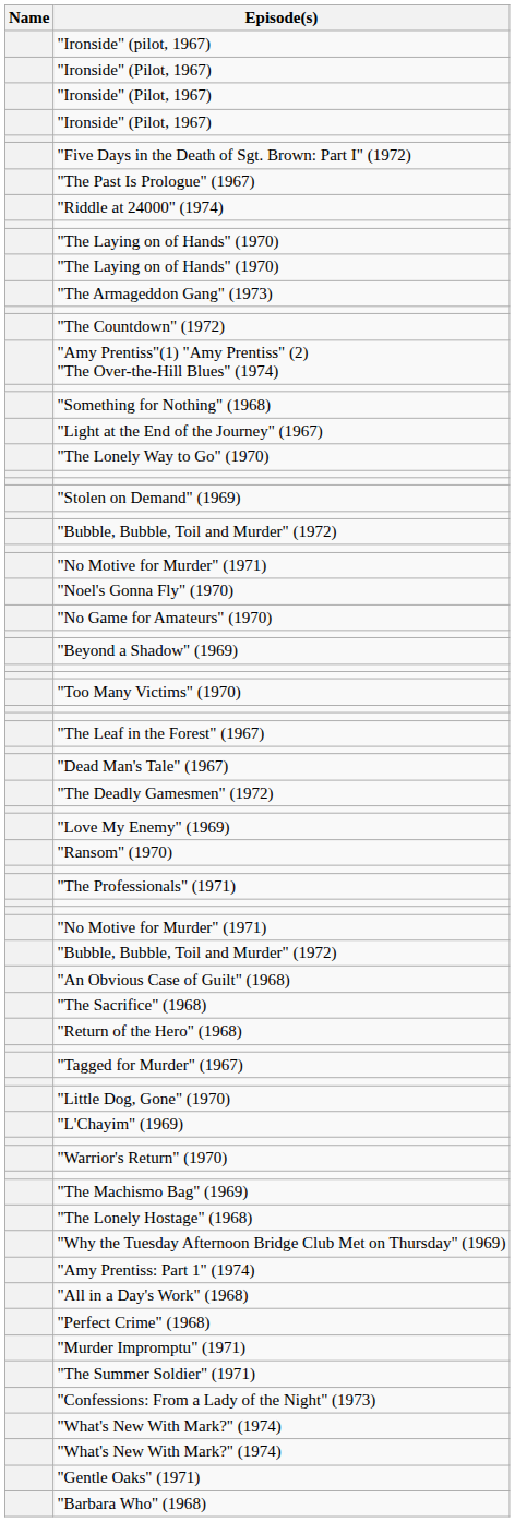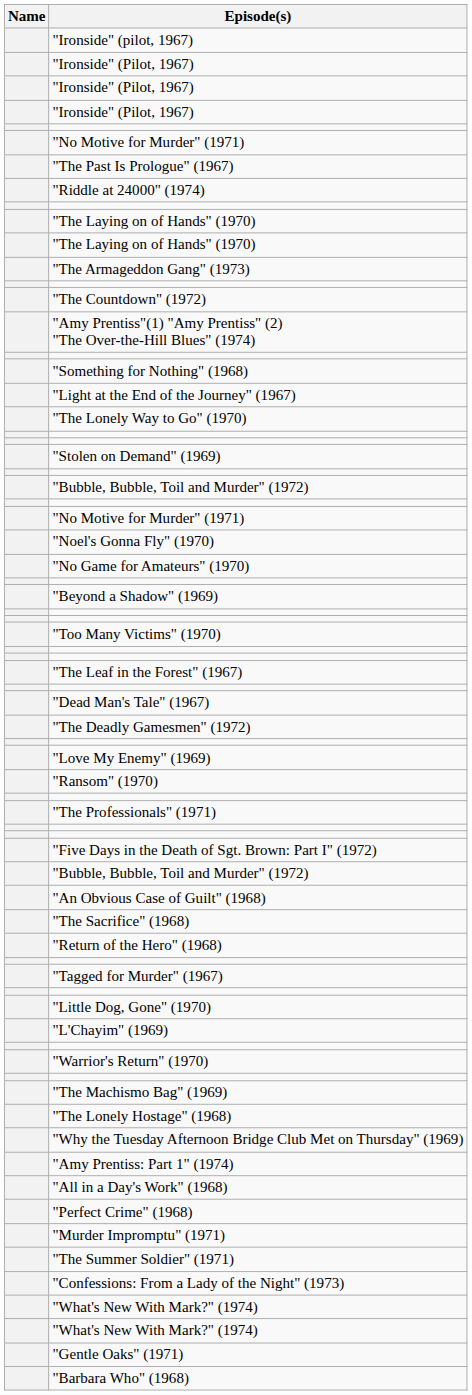 <table class="sortable wikitable plainrowheaders">
 <tr>
 <th scope="col">Name</th>
 <th scope="col" class="unsortable">Episode(s)</th>
 </tr>
 <tr>
 <th scope="row"></th>
 <td>"Ironside" (pilot, 1967)</td>
 </tr>
 <tr>
 <th scope="row"></th>
 <td>"Ironside" (Pilot, 1967)</td>
 </tr>
 <tr>
 <th scope="row"></th>
 <td>"Ironside" (Pilot, 1967)</td>
 </tr>
 <tr>
 <th scope="row"></th>
 <td>"Ironside" (Pilot, 1967)</td>
 </tr>
 <tr>
 <th scope="row"></th>
 <td></td>
 </tr>
 <tr>
 <th scope="row"></th>
-<td>"Five Days in the Death of Sgt. Brown: Part I" (1972)</td>
+<td>"No Motive for Murder" (1971)</td>
 </tr>
 <tr>
 <th scope="row"></th>
 <td>"The Past Is Prologue" (1967)</td>
 </tr>
 <tr>
 <th scope="row"></th>
 <td>"Riddle at 24000" (1974)</td>
 </tr>
 <tr>
 <th scope="row"></th>
 <td></td>
 </tr>
 <tr>
 <th scope="row"></th>
 <td>"The Laying on of Hands" (1970)</td>
 </tr>
 <tr>
 <th scope="row"></th>
 <td>"The Laying on of Hands" (1970)</td>
 </tr>
 <tr>
 <th scope="row"></th>
 <td>"The Armageddon Gang" (1973)</td>
 </tr>
 <tr>
 <th scope="row"></th>
 <td></td>
 </tr>
 <tr>
 <th scope="row"></th>
 <td>"The Countdown" (1972)</td>
 </tr>
 <tr>
 <th scope="row"></th>
 <td>"Amy Prentiss"(1) "Amy Prentiss" (2)<br>"The Over-the-Hill Blues" (1974)</td>
 </tr>
 <tr>
 <th scope="row"></th>
 <td></td>
 </tr>
 <tr>
 <th scope="row"></th>
 <td>"Something for Nothing" (1968)</td>
 </tr>
 <tr>
 <th scope="row"></th>
 <td>"Light at the End of the Journey" (1967)</td>
 </tr>
 <tr>
 <th scope="row"></th>
 <td>"The Lonely Way to Go" (1970)</td>
 </tr>
 <tr>
 <th scope="row"></th>
 <td></td>
 </tr>
 <tr>
 <th scope="row"></th>
 <td></td>
 </tr>
 <tr>
 <th scope="row"></th>
 <td>"Stolen on Demand" (1969)</td>
 </tr>
 <tr>
 <th scope="row"></th>
 <td></td>
 </tr>
 <tr>
 <th scope="row"></th>
 <td>"Bubble, Bubble, Toil and Murder" (1972)</td>
 </tr>
 <tr>
 <th scope="row"></th>
 <td></td>
 </tr>
 <tr>
 <th scope="row"></th>
 <td>"No Motive for Murder" (1971)</td>
 </tr>
 <tr>
 <th scope="row"></th>
 <td>"Noel's Gonna Fly" (1970)</td>
 </tr>
 <tr>
 <th scope="row"></th>
 <td>"No Game for Amateurs" (1970)</td>
 </tr>
 <tr>
 <th scope="row"></th>
 <td></td>
 </tr>
 <tr>
 <th scope="row"></th>
 <td>"Beyond a Shadow" (1969)</td>
 </tr>
 <tr>
 <th scope="row"></th>
 <td></td>
 </tr>
 <tr>
 <th scope="row"></th>
 <td></td>
 </tr>
 <tr>
 <th scope="row"></th>
 <td>"Too Many Victims" (1970)</td>
 </tr>
 <tr>
 <th scope="row"></th>
 <td></td>
 </tr>
 <tr>
 <th scope="row"></th>
 <td></td>
 </tr>
 <tr>
 <th scope="row"></th>
 <td>"The Leaf in the Forest" (1967)</td>
 </tr>
 <tr>
 <th scope="row"></th>
 <td></td>
 </tr>
 <tr>
 <th scope="row"></th>
 <td>"Dead Man's Tale" (1967)</td>
 </tr>
 <tr>
 <th scope="row"></th>
 <td>"The Deadly Gamesmen" (1972)</td>
 </tr>
 <tr>
 <th scope="row"></th>
 <td></td>
 </tr>
 <tr>
 <th scope="row"></th>
 <td>"Love My Enemy" (1969)</td>
 </tr>
 <tr>
 <th scope="row"></th>
 <td>"Ransom" (1970)</td>
 </tr>
 <tr>
 <th scope="row"></th>
 <td></td>
 </tr>
 <tr>
 <th scope="row"></th>
 <td>"The Professionals" (1971)</td>
 </tr>
 <tr>
 <th scope="row"></th>
 <td></td>
 </tr>
 <tr>
 <th scope="row"></th>
 <td></td>
 </tr>
 <tr>
 <th scope="row"></th>
-<td>"No Motive for Murder" (1971)</td>
+<td>"Five Days in the Death of Sgt. Brown: Part I" (1972)</td>
 </tr>
 <tr>
 <th scope="row"></th>
 <td>"Bubble, Bubble, Toil and Murder" (1972)</td>
 </tr>
 <tr>
 <th scope="row"></th>
 <td>"An Obvious Case of Guilt" (1968)</td>
 </tr>
 <tr>
 <th scope="row"></th>
 <td>"The Sacrifice" (1968)</td>
 </tr>
 <tr>
 <th scope="row"></th>
 <td>"Return of the Hero" (1968)</td>
 </tr>
 <tr>
 <th scope="row"></th>
 <td></td>
 </tr>
 <tr>
 <th scope="row"></th>
 <td>"Tagged for Murder" (1967)</td>
 </tr>
 <tr>
 <th scope="row"></th>
 <td></td>
 </tr>
 <tr>
 <th scope="row"></th>
 <td>"Little Dog, Gone" (1970)</td>
 </tr>
 <tr>
 <th scope="row"></th>
 <td>"L'Chayim" (1969)</td>
 </tr>
 <tr>
 <th scope="row"></th>
 <td></td>
 </tr>
 <tr>
 <th scope="row"></th>
 <td>"Warrior's Return" (1970)</td>
 </tr>
 <tr>
 <th scope="row"></th>
 <td></td>
 </tr>
 <tr>
 <th scope="row"></th>
 <td>"The Machismo Bag" (1969)</td>
 </tr>
 <tr>
 <th scope="row"></th>
 <td>"The Lonely Hostage" (1968)</td>
 </tr>
 <tr>
 <th scope="row"></th>
 <td>"Why the Tuesday Afternoon Bridge Club Met on Thursday" (1969)</td>
 </tr>
 <tr>
 <th scope="row"></th>
 <td>"Amy Prentiss: Part 1" (1974)</td>
 </tr>
 <tr>
 <th scope="row"></th>
 <td>"All in a Day's Work" (1968)</td>
 </tr>
 <tr>
 <th scope="row"></th>
 <td>"Perfect Crime" (1968)</td>
 </tr>
 <tr>
 <th scope="row"></th>
 <td>"Murder Impromptu" (1971)</td>
 </tr>
 <tr>
 <th scope="row"></th>
 <td>"The Summer Soldier" (1971)</td>
 </tr>
 <tr>
 <th scope="row"></th>
 <td>"Confessions: From a Lady of the Night" (1973)</td>
 </tr>
 <tr>
 <th scope="row"></th>
 <td>"What's New With Mark?" (1974)</td>
 </tr>
 <tr>
 <th scope="row"></th>
 <td>"What's New With Mark?" (1974)</td>
 </tr>
 <tr>
 <th scope="row"></th>
 <td>"Gentle Oaks" (1971)</td>
 </tr>
 <tr>
 <th scope="row"></th>
 <td>"Barbara Who" (1968)</td>
 </tr>
 </table>
